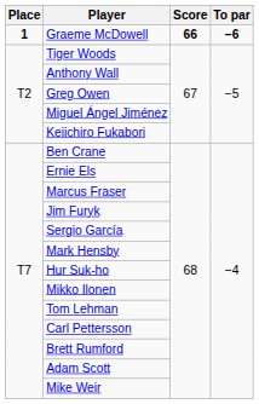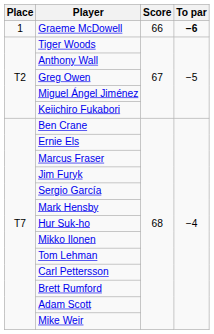 <table class="wikitable">
 <tr>
 <th>Place</th>
 <th>Player</th>
 <th>Score</th>
 <th>To par</th>
 </tr>
 <tr>
-<td align=center><strong>1</strong></td>
+<td align=center>1</td>
 <td> <a href='#'>Graeme McDowell</a></td>
-<td align=center><strong>66</strong></td>
+<td align=center>66</td>
 <td align=center><strong>−6</strong></td>
 </tr>
 <tr>
 <td rowspan="5" style="text-align:center;">T2</td>
 <td> <a href='#'>Tiger Woods</a></td>
 <td rowspan="5" style="text-align:center;">67</td>
 <td rowspan="5" style="text-align:center;">−5</td>
 </tr>
 <tr>
 <td> <a href='#'>Anthony Wall</a></td>
 </tr>
 <tr>
 <td> <a href='#'>Greg Owen</a></td>
 </tr>
 <tr>
 <td> <a href='#'>Miguel Ángel Jiménez</a></td>
 </tr>
 <tr>
 <td> <a href='#'>Keiichiro Fukabori</a></td>
 </tr>
 <tr>
 <td rowspan="13" style="text-align:center;">T7</td>
 <td> <a href='#'>Ben Crane</a></td>
 <td rowspan="13" style="text-align:center;">68</td>
 <td rowspan="13" style="text-align:center;">−4</td>
 </tr>
 <tr>
 <td> <a href='#'>Ernie Els</a></td>
 </tr>
 <tr>
 <td> <a href='#'>Marcus Fraser</a></td>
 </tr>
 <tr>
 <td> <a href='#'>Jim Furyk</a></td>
 </tr>
 <tr>
 <td> <a href='#'>Sergio García</a></td>
 </tr>
 <tr>
 <td> <a href='#'>Mark Hensby</a></td>
 </tr>
 <tr>
 <td> <a href='#'>Hur Suk-ho</a></td>
 </tr>
 <tr>
 <td> <a href='#'>Mikko Ilonen</a></td>
 </tr>
 <tr>
 <td> <a href='#'>Tom Lehman</a></td>
 </tr>
 <tr>
 <td> <a href='#'>Carl Pettersson</a></td>
 </tr>
 <tr>
 <td> <a href='#'>Brett Rumford</a></td>
 </tr>
 <tr>
 <td> <a href='#'>Adam Scott</a></td>
 </tr>
 <tr>
 <td> <a href='#'>Mike Weir</a></td>
 </tr>
 </table>
